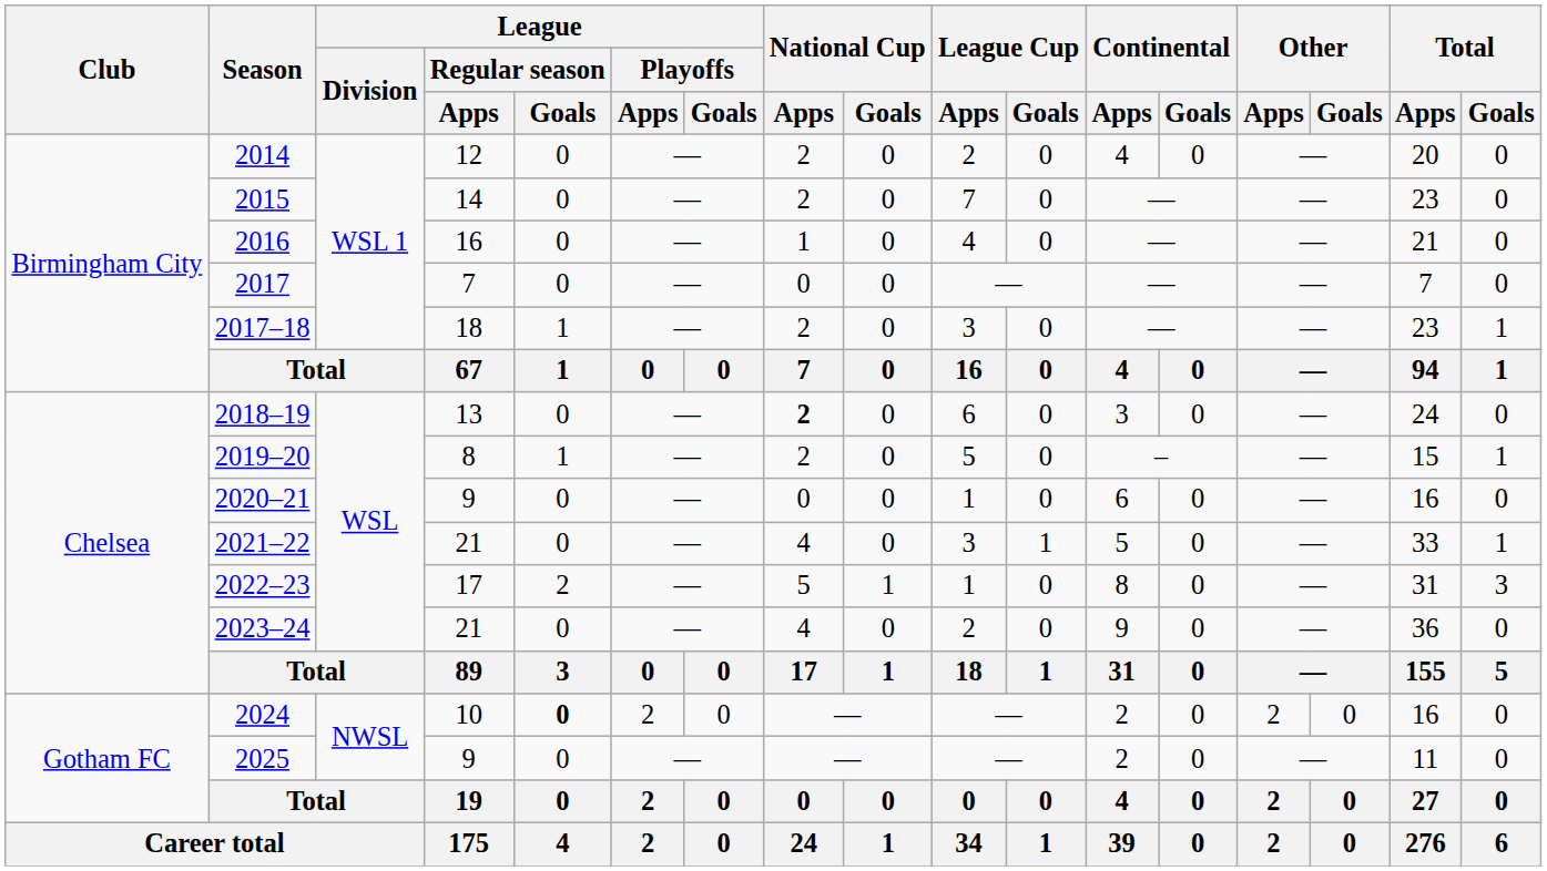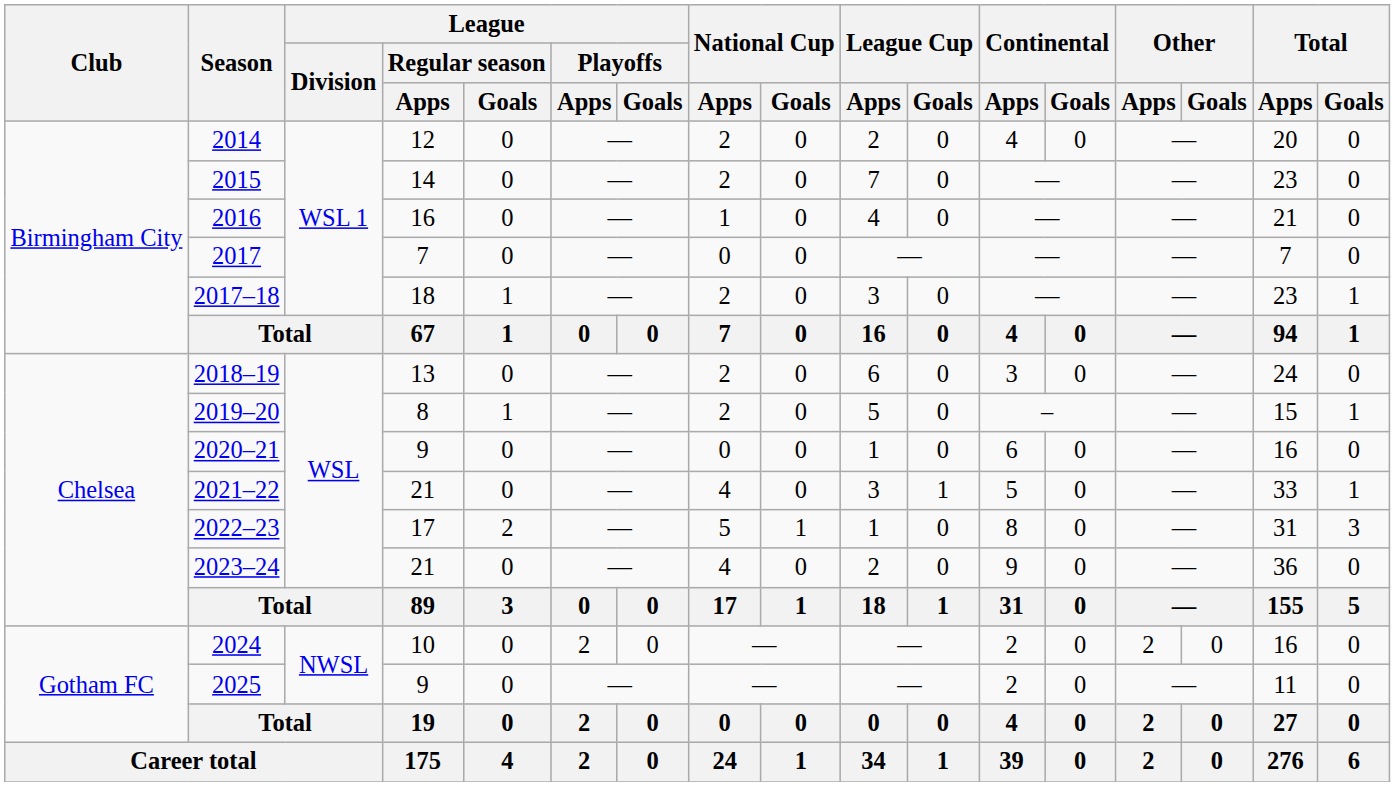 <table class="wikitable" style="text-align:center">
 <tr>
 <th rowspan="3">Club</th>
 <th rowspan="3">Season</th>
 <th colspan="5">League</th>
 <th rowspan="2" colspan="2">National Cup</th>
 <th rowspan="2" colspan="2">League Cup</th>
 <th rowspan="2" colspan="2">Continental</th>
 <th rowspan="2" colspan="2">Other</th>
 <th rowspan="2" colspan="2">Total</th>
 </tr>
 <tr>
 <th rowspan="2">Division</th>
 <th colspan="2">Regular season</th>
 <th colspan="2">Playoffs</th>
 </tr>
 <tr>
 <th>Apps</th>
 <th>Goals</th>
 <th>Apps</th>
 <th>Goals</th>
 <th>Apps</th>
 <th>Goals</th>
 <th>Apps</th>
 <th>Goals</th>
 <th>Apps</th>
 <th>Goals</th>
 <th>Apps</th>
 <th>Goals</th>
 <th>Apps</th>
 <th>Goals</th>
 </tr>
 <tr>
 <td rowspan="6"><a href='#'>Birmingham City</a></td>
 <td><a href='#'>2014</a></td>
 <td rowspan="5"><a href='#'>WSL 1</a></td>
 <td>12</td>
 <td>0</td>
 <td colspan="2">—</td>
 <td>2</td>
 <td>0</td>
 <td>2</td>
 <td>0</td>
 <td>4</td>
 <td>0</td>
 <td colspan="2">—</td>
 <td>20</td>
 <td>0</td>
 </tr>
 <tr>
 <td><a href='#'>2015</a></td>
 <td>14</td>
 <td>0</td>
 <td colspan="2">—</td>
 <td>2</td>
 <td>0</td>
 <td>7</td>
 <td>0</td>
 <td colspan="2">—</td>
 <td colspan="2">—</td>
 <td>23</td>
 <td>0</td>
 </tr>
 <tr>
 <td><a href='#'>2016</a></td>
 <td>16</td>
 <td>0</td>
 <td colspan="2">—</td>
 <td>1</td>
 <td>0</td>
 <td>4</td>
 <td>0</td>
 <td colspan="2">—</td>
 <td colspan="2">—</td>
 <td>21</td>
 <td>0</td>
 </tr>
 <tr>
 <td><a href='#'>2017</a></td>
 <td>7</td>
 <td>0</td>
 <td colspan="2">—</td>
 <td>0</td>
 <td>0</td>
 <td colspan="2">—</td>
 <td colspan="2">—</td>
 <td colspan="2">—</td>
 <td>7</td>
 <td>0</td>
 </tr>
 <tr>
 <td><a href='#'>2017–18</a></td>
 <td>18</td>
 <td>1</td>
 <td colspan="2">—</td>
 <td>2</td>
 <td>0</td>
 <td>3</td>
 <td>0</td>
 <td colspan="2">—</td>
 <td colspan="2">—</td>
 <td>23</td>
 <td>1</td>
 </tr>
 <tr>
 <th colspan="2">Total</th>
 <th>67</th>
 <th>1</th>
 <th>0</th>
 <th>0</th>
 <th>7</th>
 <th>0</th>
 <th>16</th>
 <th>0</th>
 <th>4</th>
 <th>0</th>
 <th colspan="2">—</th>
 <th>94</th>
 <th>1</th>
 </tr>
 <tr>
 <td rowspan="7"><a href='#'>Chelsea</a></td>
 <td><a href='#'>2018–19</a></td>
 <td rowspan="6"><a href='#'>WSL</a></td>
 <td>13</td>
 <td>0</td>
 <td colspan="2">—</td>
-<td><strong>2</strong></td>
+<td>2</td>
 <td>0</td>
 <td>6</td>
 <td>0</td>
 <td>3</td>
 <td>0</td>
 <td colspan="2">—</td>
 <td>24</td>
 <td>0</td>
 </tr>
 <tr>
 <td><a href='#'>2019–20</a></td>
 <td>8</td>
 <td>1</td>
 <td colspan="2">—</td>
 <td>2</td>
 <td>0</td>
 <td>5</td>
 <td>0</td>
 <td colspan="2">–</td>
 <td colspan="2">—</td>
 <td>15</td>
 <td>1</td>
 </tr>
 <tr>
 <td><a href='#'>2020–21</a></td>
 <td>9</td>
 <td>0</td>
 <td colspan="2">—</td>
 <td>0</td>
 <td>0</td>
 <td>1</td>
 <td>0</td>
 <td>6</td>
 <td>0</td>
 <td colspan="2">—</td>
 <td>16</td>
 <td>0</td>
 </tr>
 <tr>
 <td><a href='#'>2021–22</a></td>
 <td>21</td>
 <td>0</td>
 <td colspan="2">—</td>
 <td>4</td>
 <td>0</td>
 <td>3</td>
 <td>1</td>
 <td>5</td>
 <td>0</td>
 <td colspan="2">—</td>
 <td>33</td>
 <td>1</td>
 </tr>
 <tr>
 <td><a href='#'>2022–23</a></td>
 <td>17</td>
 <td>2</td>
 <td colspan="2">—</td>
 <td>5</td>
 <td>1</td>
 <td>1</td>
 <td>0</td>
 <td>8</td>
 <td>0</td>
 <td colspan="2">—</td>
 <td>31</td>
 <td>3</td>
 </tr>
 <tr>
 <td><a href='#'>2023–24</a></td>
 <td>21</td>
 <td>0</td>
 <td colspan="2">—</td>
 <td>4</td>
 <td>0</td>
 <td>2</td>
 <td>0</td>
 <td>9</td>
 <td>0</td>
 <td colspan="2">—</td>
 <td>36</td>
 <td>0</td>
 </tr>
 <tr>
 <th colspan="2">Total</th>
 <th>89</th>
 <th>3</th>
 <th>0</th>
 <th>0</th>
 <th>17</th>
 <th>1</th>
 <th>18</th>
 <th>1</th>
 <th>31</th>
 <th>0</th>
 <th colspan="2">—</th>
 <th>155</th>
 <th>5</th>
 </tr>
 <tr>
 <td rowspan="3"><a href='#'>Gotham FC</a></td>
 <td><a href='#'>2024</a></td>
 <td rowspan="2"><a href='#'>NWSL</a></td>
 <td>10</td>
-<td><strong>0</strong></td>
+<td>0</td>
 <td>2</td>
 <td>0</td>
 <td colspan="2">—</td>
 <td colspan="2">—</td>
 <td>2</td>
 <td>0</td>
 <td>2</td>
 <td>0</td>
 <td>16</td>
 <td>0</td>
 </tr>
 <tr>
 <td><a href='#'>2025</a></td>
 <td>9</td>
 <td>0</td>
 <td colspan="2">—</td>
 <td colspan="2">—</td>
 <td colspan="2">—</td>
 <td>2</td>
 <td>0</td>
 <td colspan="2">—</td>
 <td>11</td>
 <td>0</td>
 </tr>
 <tr>
 <th colspan="2">Total</th>
 <th>19</th>
 <th>0</th>
 <th>2</th>
 <th>0</th>
 <th>0</th>
 <th>0</th>
 <th>0</th>
 <th>0</th>
 <th>4</th>
 <th>0</th>
 <th>2</th>
 <th>0</th>
 <th>27</th>
 <th>0</th>
 </tr>
 <tr>
 <th colspan="3">Career total</th>
 <th>175</th>
 <th>4</th>
 <th>2</th>
 <th>0</th>
 <th>24</th>
 <th>1</th>
 <th>34</th>
 <th>1</th>
 <th>39</th>
 <th>0</th>
 <th>2</th>
 <th>0</th>
 <th>276</th>
 <th>6</th>
 </tr>
 </table>
